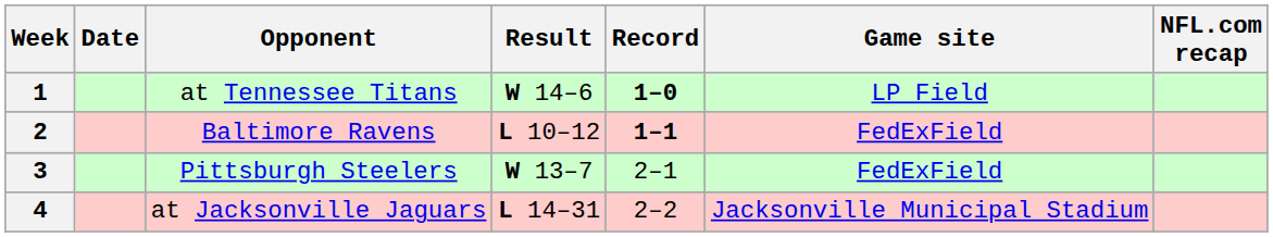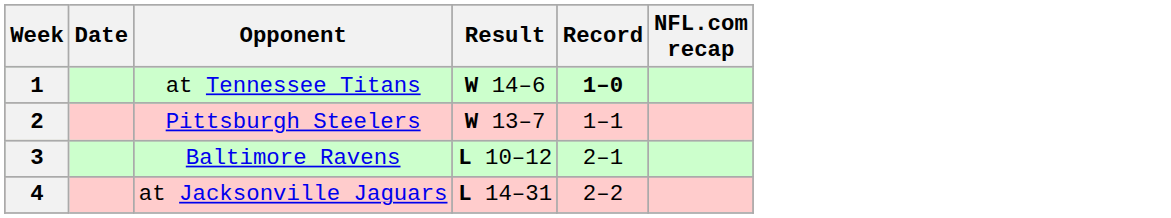 <table class="wikitable" style="text-align:center">
 <tr>
 <th>Week</th>
 <th>Date</th>
 <th>Opponent</th>
 <th>Result</th>
 <th>Record</th>
-<th>Game site</th>
 <th>NFL.com<br>recap</th>
 </tr>
 <tr style="background:#cfc;">
 <th>1</th>
 <td></td>
 <td>at <a href='#'>Tennessee Titans</a></td>
 <td style="text-align:center;"><strong>W</strong> 14–6</td>
 <td style="text-align:center;"><strong>1–0</strong></td>
-<td><a href='#'>LP Field</a></td>
 <td></td>
 </tr>
 <tr style="background:#fcc;">
 <th>2</th>
 <td></td>
-<td><a href='#'>Baltimore Ravens</a></td>
-<td style="text-align:center;"><strong>L</strong> 10–12</td>
-<td style="text-align:center;"><strong>1–1</strong></td>
-<td><a href='#'>FedExField</a></td>
+<td><a href='#'>Pittsburgh Steelers</a></td>
+<td style="text-align:center;"><strong>W</strong> 13–7</td>
+<td style="text-align:center;">1–1</td>
 <td></td>
 </tr>
 <tr style="background:#cfc;">
 <th>3</th>
 <td></td>
-<td><a href='#'>Pittsburgh Steelers</a></td>
-<td style="text-align:center;"><strong>W</strong> 13–7</td>
+<td><a href='#'>Baltimore Ravens</a></td>
+<td style="text-align:center;"><strong>L</strong> 10–12</td>
 <td style="text-align:center;">2–1</td>
-<td><a href='#'>FedExField</a></td>
 <td></td>
 </tr>
 <tr style="background:#fcc;">
 <th>4</th>
 <td></td>
 <td>at <a href='#'>Jacksonville Jaguars</a></td>
 <td style="text-align:center;"><strong>L</strong> 14–31</td>
 <td style="text-align:center;">2–2</td>
-<td><a href='#'>Jacksonville Municipal Stadium</a></td>
 <td></td>
 </tr>
 </table>
